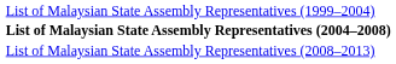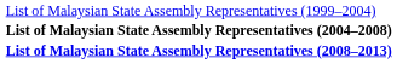 <table id=toc style="float:right">
 <tr>
 <td><a href='#'>List of Malaysian State Assembly Representatives (1999–2004)</a></td>
 </tr>
 <tr>
 <td><strong>List of Malaysian State Assembly Representatives (2004–2008)</strong></td>
 </tr>
 <tr>
-<td><a href='#'>List of Malaysian State Assembly Representatives (2008–2013)</a></td>
+<td><strong><a href='#'>List of Malaysian State Assembly Representatives (2008–2013)</a></strong></td>
 </tr>
 </table>
